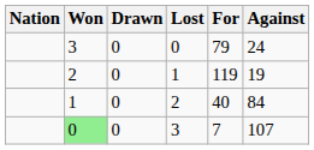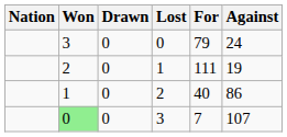 <table class="wikitable">
 <tr>
 <th>Nation</th>
 <th>Won</th>
 <th>Drawn</th>
 <th>Lost</th>
 <th>For</th>
 <th>Against</th>
 </tr>
 <tr>
 <td></td>
 <td>3</td>
 <td>0</td>
 <td>0</td>
 <td>79</td>
 <td>24</td>
 </tr>
 <tr>
 <td></td>
 <td>2</td>
 <td>0</td>
 <td>1</td>
-<td>119</td>
+<td>111</td>
 <td>19</td>
 </tr>
 <tr>
 <td></td>
 <td>1</td>
 <td>0</td>
 <td>2</td>
 <td>40</td>
-<td>84</td>
+<td>86</td>
 </tr>
 <tr>
 <td></td>
 <td style="background: lightgreen;">0</td>
 <td>0</td>
 <td>3</td>
 <td>7</td>
 <td>107</td>
 </tr>
 </table>
